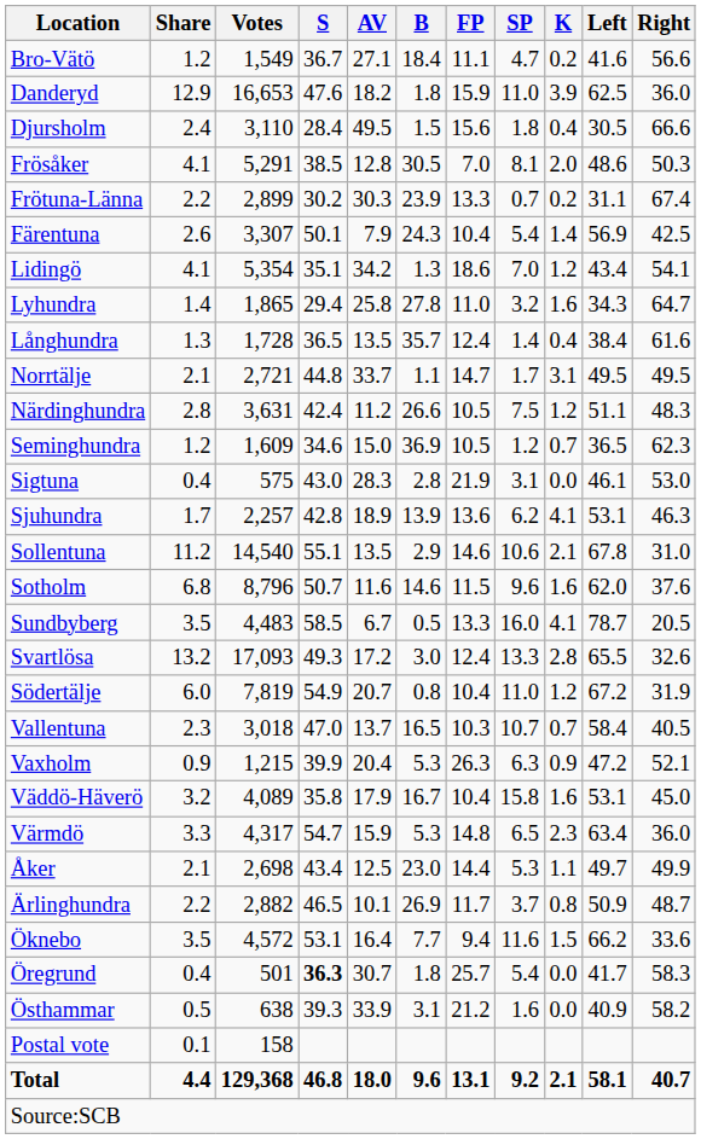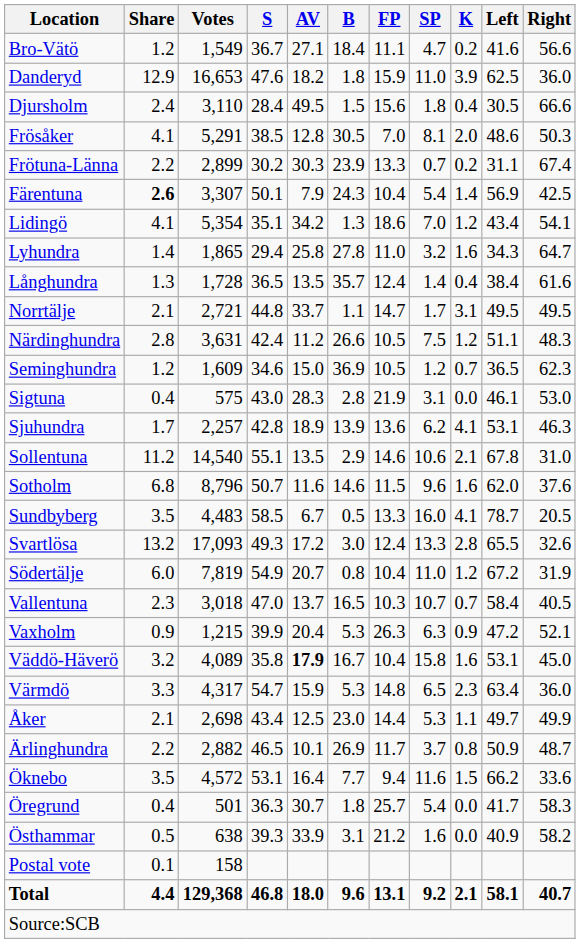 <table class="wikitable sortable" style=text-align:right>
 <tr>
 <th>Location</th>
 <th>Share</th>
 <th>Votes</th>
 <th><a href='#'>S</a></th>
 <th><a href='#'>AV</a></th>
 <th><a href='#'>B</a></th>
 <th><a href='#'>FP</a></th>
 <th><a href='#'>SP</a></th>
 <th><a href='#'>K</a></th>
 <th>Left</th>
 <th>Right</th>
 </tr>
 <tr>
 <td align=left><a href='#'>Bro-Vätö</a></td>
 <td>1.2</td>
 <td>1,549</td>
 <td>36.7</td>
 <td>27.1</td>
 <td>18.4</td>
 <td>11.1</td>
 <td>4.7</td>
 <td>0.2</td>
 <td>41.6</td>
 <td>56.6</td>
 </tr>
 <tr>
 <td align=left><a href='#'>Danderyd</a></td>
 <td>12.9</td>
 <td>16,653</td>
 <td>47.6</td>
 <td>18.2</td>
 <td>1.8</td>
 <td>15.9</td>
 <td>11.0</td>
 <td>3.9</td>
 <td>62.5</td>
 <td>36.0</td>
 </tr>
 <tr>
 <td align=left><a href='#'>Djursholm</a></td>
 <td>2.4</td>
 <td>3,110</td>
 <td>28.4</td>
 <td>49.5</td>
 <td>1.5</td>
 <td>15.6</td>
 <td>1.8</td>
 <td>0.4</td>
 <td>30.5</td>
 <td>66.6</td>
 </tr>
 <tr>
 <td align=left><a href='#'>Frösåker</a></td>
 <td>4.1</td>
 <td>5,291</td>
 <td>38.5</td>
 <td>12.8</td>
 <td>30.5</td>
 <td>7.0</td>
 <td>8.1</td>
 <td>2.0</td>
 <td>48.6</td>
 <td>50.3</td>
 </tr>
 <tr>
 <td align=left><a href='#'>Frötuna-Länna</a></td>
 <td>2.2</td>
 <td>2,899</td>
 <td>30.2</td>
 <td>30.3</td>
 <td>23.9</td>
 <td>13.3</td>
 <td>0.7</td>
 <td>0.2</td>
 <td>31.1</td>
 <td>67.4</td>
 </tr>
 <tr>
 <td align=left><a href='#'>Färentuna</a></td>
-<td>2.6</td>
+<td><strong>2.6</strong></td>
 <td>3,307</td>
 <td>50.1</td>
 <td>7.9</td>
 <td>24.3</td>
 <td>10.4</td>
 <td>5.4</td>
 <td>1.4</td>
 <td>56.9</td>
 <td>42.5</td>
 </tr>
 <tr>
 <td align=left><a href='#'>Lidingö</a></td>
 <td>4.1</td>
 <td>5,354</td>
 <td>35.1</td>
 <td>34.2</td>
 <td>1.3</td>
 <td>18.6</td>
 <td>7.0</td>
 <td>1.2</td>
 <td>43.4</td>
 <td>54.1</td>
 </tr>
 <tr>
 <td align=left><a href='#'>Lyhundra</a></td>
 <td>1.4</td>
 <td>1,865</td>
 <td>29.4</td>
 <td>25.8</td>
 <td>27.8</td>
 <td>11.0</td>
 <td>3.2</td>
 <td>1.6</td>
 <td>34.3</td>
 <td>64.7</td>
 </tr>
 <tr>
 <td align=left><a href='#'>Långhundra</a></td>
 <td>1.3</td>
 <td>1,728</td>
 <td>36.5</td>
 <td>13.5</td>
 <td>35.7</td>
 <td>12.4</td>
 <td>1.4</td>
 <td>0.4</td>
 <td>38.4</td>
 <td>61.6</td>
 </tr>
 <tr>
 <td align=left><a href='#'>Norrtälje</a></td>
 <td>2.1</td>
 <td>2,721</td>
 <td>44.8</td>
 <td>33.7</td>
 <td>1.1</td>
 <td>14.7</td>
 <td>1.7</td>
 <td>3.1</td>
 <td>49.5</td>
 <td>49.5</td>
 </tr>
 <tr>
 <td align=left><a href='#'>Närdinghundra</a></td>
 <td>2.8</td>
 <td>3,631</td>
 <td>42.4</td>
 <td>11.2</td>
 <td>26.6</td>
 <td>10.5</td>
 <td>7.5</td>
 <td>1.2</td>
 <td>51.1</td>
 <td>48.3</td>
 </tr>
 <tr>
 <td align=left><a href='#'>Seminghundra</a></td>
 <td>1.2</td>
 <td>1,609</td>
 <td>34.6</td>
 <td>15.0</td>
 <td>36.9</td>
 <td>10.5</td>
 <td>1.2</td>
 <td>0.7</td>
 <td>36.5</td>
 <td>62.3</td>
 </tr>
 <tr>
 <td align=left><a href='#'>Sigtuna</a></td>
 <td>0.4</td>
 <td>575</td>
 <td>43.0</td>
 <td>28.3</td>
 <td>2.8</td>
 <td>21.9</td>
 <td>3.1</td>
 <td>0.0</td>
 <td>46.1</td>
 <td>53.0</td>
 </tr>
 <tr>
 <td align=left><a href='#'>Sjuhundra</a></td>
 <td>1.7</td>
 <td>2,257</td>
 <td>42.8</td>
 <td>18.9</td>
 <td>13.9</td>
 <td>13.6</td>
 <td>6.2</td>
 <td>4.1</td>
 <td>53.1</td>
 <td>46.3</td>
 </tr>
 <tr>
 <td align=left><a href='#'>Sollentuna</a></td>
 <td>11.2</td>
 <td>14,540</td>
 <td>55.1</td>
 <td>13.5</td>
 <td>2.9</td>
 <td>14.6</td>
 <td>10.6</td>
 <td>2.1</td>
 <td>67.8</td>
 <td>31.0</td>
 </tr>
 <tr>
 <td align=left><a href='#'>Sotholm</a></td>
 <td>6.8</td>
 <td>8,796</td>
 <td>50.7</td>
 <td>11.6</td>
 <td>14.6</td>
 <td>11.5</td>
 <td>9.6</td>
 <td>1.6</td>
 <td>62.0</td>
 <td>37.6</td>
 </tr>
 <tr>
 <td align=left><a href='#'>Sundbyberg</a></td>
 <td>3.5</td>
 <td>4,483</td>
 <td>58.5</td>
 <td>6.7</td>
 <td>0.5</td>
 <td>13.3</td>
 <td>16.0</td>
 <td>4.1</td>
 <td>78.7</td>
 <td>20.5</td>
 </tr>
 <tr>
 <td align=left><a href='#'>Svartlösa</a></td>
 <td>13.2</td>
 <td>17,093</td>
 <td>49.3</td>
 <td>17.2</td>
 <td>3.0</td>
 <td>12.4</td>
 <td>13.3</td>
 <td>2.8</td>
 <td>65.5</td>
 <td>32.6</td>
 </tr>
 <tr>
 <td align=left><a href='#'>Södertälje</a></td>
 <td>6.0</td>
 <td>7,819</td>
 <td>54.9</td>
 <td>20.7</td>
 <td>0.8</td>
 <td>10.4</td>
 <td>11.0</td>
 <td>1.2</td>
 <td>67.2</td>
 <td>31.9</td>
 </tr>
 <tr>
 <td align=left><a href='#'>Vallentuna</a></td>
 <td>2.3</td>
 <td>3,018</td>
 <td>47.0</td>
 <td>13.7</td>
 <td>16.5</td>
 <td>10.3</td>
 <td>10.7</td>
 <td>0.7</td>
 <td>58.4</td>
 <td>40.5</td>
 </tr>
 <tr>
 <td align=left><a href='#'>Vaxholm</a></td>
 <td>0.9</td>
 <td>1,215</td>
 <td>39.9</td>
 <td>20.4</td>
 <td>5.3</td>
 <td>26.3</td>
 <td>6.3</td>
 <td>0.9</td>
 <td>47.2</td>
 <td>52.1</td>
 </tr>
 <tr>
 <td align=left><a href='#'>Väddö-Häverö</a></td>
 <td>3.2</td>
 <td>4,089</td>
 <td>35.8</td>
-<td>17.9</td>
+<td><strong>17.9</strong></td>
 <td>16.7</td>
 <td>10.4</td>
 <td>15.8</td>
 <td>1.6</td>
 <td>53.1</td>
 <td>45.0</td>
 </tr>
 <tr>
 <td align=left><a href='#'>Värmdö</a></td>
 <td>3.3</td>
 <td>4,317</td>
 <td>54.7</td>
 <td>15.9</td>
 <td>5.3</td>
 <td>14.8</td>
 <td>6.5</td>
 <td>2.3</td>
 <td>63.4</td>
 <td>36.0</td>
 </tr>
 <tr>
 <td align=left><a href='#'>Åker</a></td>
 <td>2.1</td>
 <td>2,698</td>
 <td>43.4</td>
 <td>12.5</td>
 <td>23.0</td>
 <td>14.4</td>
 <td>5.3</td>
 <td>1.1</td>
 <td>49.7</td>
 <td>49.9</td>
 </tr>
 <tr>
 <td align=left><a href='#'>Ärlinghundra</a></td>
 <td>2.2</td>
 <td>2,882</td>
 <td>46.5</td>
 <td>10.1</td>
 <td>26.9</td>
 <td>11.7</td>
 <td>3.7</td>
 <td>0.8</td>
 <td>50.9</td>
 <td>48.7</td>
 </tr>
 <tr>
 <td align=left><a href='#'>Öknebo</a></td>
 <td>3.5</td>
 <td>4,572</td>
 <td>53.1</td>
 <td>16.4</td>
 <td>7.7</td>
 <td>9.4</td>
 <td>11.6</td>
 <td>1.5</td>
 <td>66.2</td>
 <td>33.6</td>
 </tr>
 <tr>
 <td align=left><a href='#'>Öregrund</a></td>
 <td>0.4</td>
 <td>501</td>
-<td><strong>36.3</strong></td>
+<td>36.3</td>
 <td>30.7</td>
 <td>1.8</td>
 <td>25.7</td>
 <td>5.4</td>
 <td>0.0</td>
 <td>41.7</td>
 <td>58.3</td>
 </tr>
 <tr>
 <td align=left><a href='#'>Östhammar</a></td>
 <td>0.5</td>
 <td>638</td>
 <td>39.3</td>
 <td>33.9</td>
 <td>3.1</td>
 <td>21.2</td>
 <td>1.6</td>
 <td>0.0</td>
 <td>40.9</td>
 <td>58.2</td>
 </tr>
 <tr>
 <td align=left><a href='#'>Postal vote</a></td>
 <td>0.1</td>
 <td>158</td>
 <td></td>
 <td></td>
 <td></td>
 <td></td>
 <td></td>
 <td></td>
 <td></td>
 <td></td>
 </tr>
 <tr>
 <td align=left><strong>Total</strong></td>
 <td><strong>4.4</strong></td>
 <td><strong>129,368</strong></td>
 <td><strong>46.8</strong></td>
 <td><strong>18.0</strong></td>
 <td><strong>9.6</strong></td>
 <td><strong>13.1</strong></td>
 <td><strong>9.2</strong></td>
 <td><strong>2.1</strong></td>
 <td><strong>58.1</strong></td>
 <td><strong>40.7</strong></td>
 </tr>
 <tr>
 <td align=left colspan=11>Source:SCB </td>
 </tr>
 </table>
